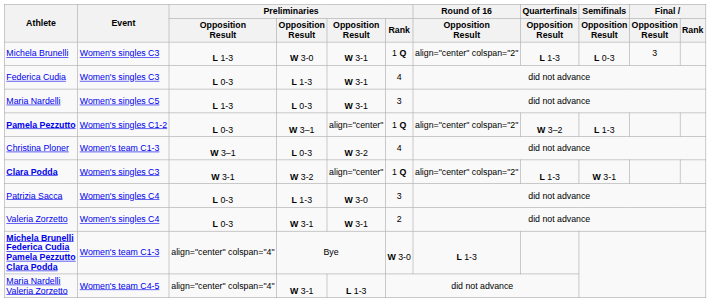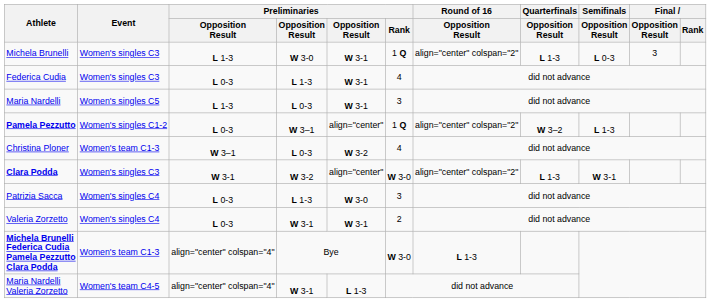 <table class=wikitable style="font-size:90%">
 <tr>
 <th rowspan="2">Athlete</th>
 <th rowspan="2">Event</th>
 <th colspan="4">Preliminaries</th>
 <th>Round of 16</th>
 <th>Quarterfinals</th>
 <th>Semifinals</th>
 <th colspan="2">Final / </th>
 </tr>
 <tr>
 <th>Opposition<br>Result</th>
 <th>Opposition<br>Result</th>
 <th>Opposition<br>Result</th>
 <th>Rank</th>
 <th>Opposition<br>Result</th>
 <th>Opposition<br>Result</th>
 <th>Opposition<br>Result</th>
 <th>Opposition<br>Result</th>
 <th>Rank</th>
 </tr>
 <tr>
 <td><a href='#'>Michela Brunelli</a></td>
 <td><a href='#'>Women's singles C3</a></td>
 <td align="center"><br><strong>L</strong> 1-3</td>
 <td align="center"><br><strong>W</strong> 3-0</td>
 <td align="center"><br><strong>W</strong> 3-1</td>
 <td align="center">1 <strong>Q</strong></td>
 <td>align="center" colspan="2" </td>
 <td align="center"><br><strong>L</strong> 1-3</td>
 <td align="center"><br><strong>L</strong> 0-3</td>
 <td align="center">3</td>
 </tr>
 <tr>
 <td><a href='#'>Federica Cudia</a></td>
 <td><a href='#'>Women's singles C3</a></td>
 <td align="center"><br><strong>L</strong> 0-3</td>
 <td align="center"><br><strong>L</strong> 1-3</td>
 <td align="center"><br><strong>W</strong> 3-1</td>
 <td align="center">4</td>
 <td align="center" colspan="5">did not advance</td>
 </tr>
 <tr>
 <td><a href='#'>Maria Nardelli</a></td>
 <td><a href='#'>Women's singles C5</a></td>
 <td align="center"><br><strong>L</strong> 1-3</td>
 <td align="center"><br><strong>L</strong> 0-3</td>
 <td align="center"><br><strong>W</strong> 3-1</td>
 <td align="center">3</td>
 <td align="center" colspan="5">did not advance</td>
 </tr>
 <tr>
 <td><strong><a href='#'>Pamela Pezzutto</a></strong></td>
 <td><a href='#'>Women's singles C1-2</a></td>
 <td align="center"><br><strong>L</strong> 0-3</td>
 <td align="center"><br><strong>W</strong> 3–1</td>
 <td>align="center" </td>
 <td align="center">1 <strong>Q</strong></td>
 <td>align="center" colspan="2" </td>
 <td align="center"><br><strong>W</strong> 3–2</td>
 <td align="center"><br><strong>L</strong> 1-3</td>
 <td align="center"></td>
 </tr>
 <tr>
 <td><a href='#'>Christina Ploner</a></td>
 <td><a href='#'>Women's team C1-3</a></td>
 <td align="center"><br><strong>W</strong> 3–1</td>
 <td align="center"><br><strong>L</strong> 0-3</td>
 <td align="center"><br><strong>W</strong> 3-2</td>
 <td align="center">4</td>
 <td align="center" colspan="5">did not advance</td>
 </tr>
 <tr>
 <td><strong><a href='#'>Clara Podda</a></strong></td>
 <td><a href='#'>Women's singles C3</a></td>
 <td align="center"><br><strong>W</strong> 3-1</td>
 <td align="center"><br><strong>W</strong> 3-2</td>
 <td>align="center" </td>
-<td align="center">1 <strong>Q</strong></td>
+<td align="center"><br><strong>W</strong> 3-0</td>
 <td>align="center" colspan="2" </td>
 <td align="center"><br><strong>L</strong> 1-3</td>
 <td align="center"><br><strong>W</strong> 3-1</td>
 <td align="center"></td>
 </tr>
 <tr>
 <td><a href='#'>Patrizia Sacca</a></td>
 <td><a href='#'>Women's singles C4</a></td>
 <td align="center"><br><strong>L</strong> 0-3</td>
 <td align="center"><br><strong>L</strong> 1-3</td>
 <td align="center"><br><strong>W</strong> 3-0</td>
 <td align="center">3</td>
 <td align="center" colspan="5">did not advance</td>
 </tr>
 <tr>
 <td><a href='#'>Valeria Zorzetto</a></td>
 <td><a href='#'>Women's singles C4</a></td>
 <td align="center"><br><strong>L</strong> 0-3</td>
 <td align="center"><br><strong>W</strong> 3-1</td>
 <td align="center"><br><strong>W</strong> 3-1</td>
 <td align="center">2</td>
 <td align="center" colspan="5">did not advance</td>
 </tr>
 <tr>
 <td><strong><a href='#'>Michela Brunelli</a></strong><br> <strong><a href='#'>Federica Cudia</a></strong><br> <strong><a href='#'>Pamela Pezzutto</a></strong><br> <strong><a href='#'>Clara Podda</a></strong></td>
 <td><a href='#'>Women's team C1-3</a></td>
 <td>align="center" colspan="4" </td>
 <td align="center" colspan="2">Bye</td>
 <td align="center"><br><strong>W</strong> 3-0</td>
 <td align="center"><br><strong>L</strong> 1-3</td>
 <td align="center"></td>
 </tr>
 <tr>
 <td><a href='#'>Maria Nardelli</a><br> <a href='#'>Valeria Zorzetto</a></td>
 <td><a href='#'>Women's team C4-5</a></td>
 <td>align="center" colspan="4" </td>
 <td align="center"><br><strong>W</strong> 3-1</td>
 <td align="center"><br><strong>L</strong> 1-3</td>
 <td align="center" colspan="3">did not advance</td>
 </tr>
 </table>
